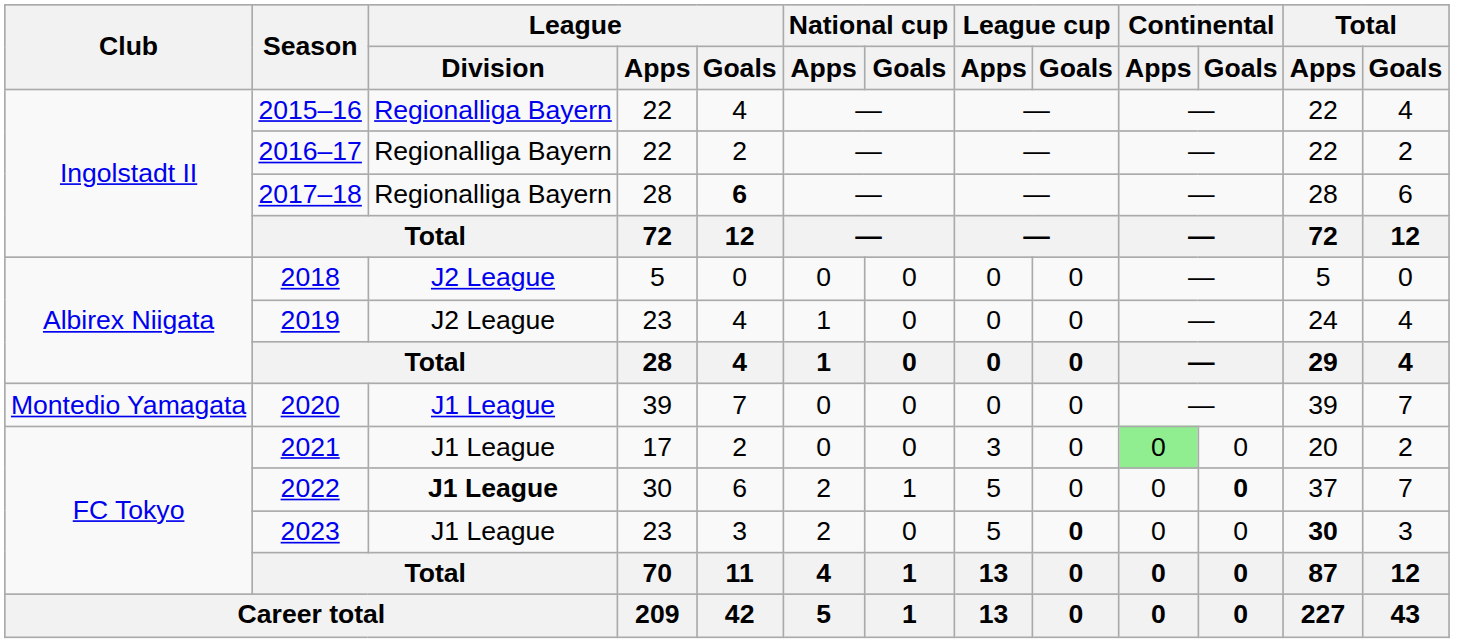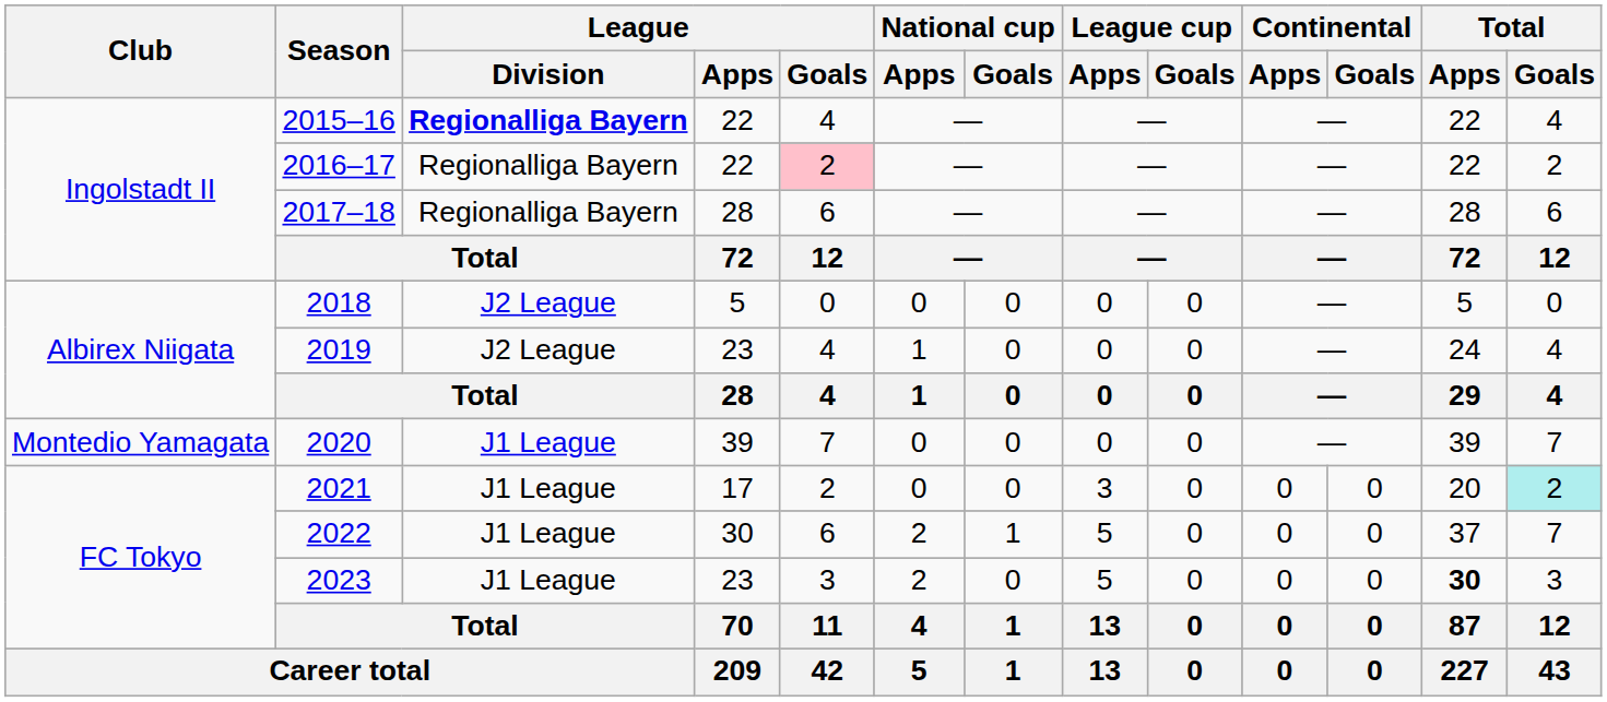 <table class="wikitable" style="text-align:center">
 <tr>
 <th rowspan="2">Club</th>
 <th rowspan="2">Season</th>
 <th colspan="3">League</th>
 <th colspan="2">National cup</th>
 <th colspan="2">League cup</th>
 <th colspan="2">Continental</th>
 <th colspan="2">Total</th>
 </tr>
 <tr>
 <th>Division</th>
 <th>Apps</th>
 <th>Goals</th>
 <th>Apps</th>
 <th>Goals</th>
 <th>Apps</th>
 <th>Goals</th>
 <th>Apps</th>
 <th>Goals</th>
 <th>Apps</th>
 <th>Goals</th>
 </tr>
 <tr>
 <td rowspan="4"><a href='#'>Ingolstadt II</a></td>
 <td><a href='#'>2015–16</a></td>
-<td><a href='#'>Regionalliga Bayern</a></td>
+<td><strong><a href='#'>Regionalliga Bayern</a></strong></td>
 <td>22</td>
 <td>4</td>
 <td colspan="2">—</td>
 <td colspan="2">—</td>
 <td colspan="2">—</td>
 <td>22</td>
 <td>4</td>
 </tr>
 <tr>
 <td><a href='#'>2016–17</a></td>
 <td>Regionalliga Bayern</td>
 <td>22</td>
-<td>2</td>
+<td style="background: pink;">2</td>
 <td colspan="2">—</td>
 <td colspan="2">—</td>
 <td colspan="2">—</td>
 <td>22</td>
 <td>2</td>
 </tr>
 <tr>
 <td><a href='#'>2017–18</a></td>
 <td>Regionalliga Bayern</td>
 <td>28</td>
-<td><strong>6</strong></td>
+<td>6</td>
 <td colspan="2">—</td>
 <td colspan="2">—</td>
 <td colspan="2">—</td>
 <td>28</td>
 <td>6</td>
 </tr>
 <tr>
 <th colspan="2">Total</th>
 <th>72</th>
 <th>12</th>
 <th colspan="2">—</th>
 <th colspan="2">—</th>
 <th colspan="2">—</th>
 <th>72</th>
 <th>12</th>
 </tr>
 <tr>
 <td rowspan="3"><a href='#'>Albirex Niigata</a></td>
 <td><a href='#'>2018</a></td>
 <td><a href='#'>J2 League</a></td>
 <td>5</td>
 <td>0</td>
 <td>0</td>
 <td>0</td>
 <td>0</td>
 <td>0</td>
 <td colspan="2">—</td>
 <td>5</td>
 <td>0</td>
 </tr>
 <tr>
 <td><a href='#'>2019</a></td>
 <td>J2 League</td>
 <td>23</td>
 <td>4</td>
 <td>1</td>
 <td>0</td>
 <td>0</td>
 <td>0</td>
 <td colspan="2">—</td>
 <td>24</td>
 <td>4</td>
 </tr>
 <tr>
 <th colspan="2">Total</th>
 <th>28</th>
 <th>4</th>
 <th>1</th>
 <th>0</th>
 <th>0</th>
 <th>0</th>
 <th colspan="2">—</th>
 <th>29</th>
 <th>4</th>
 </tr>
 <tr>
 <td><a href='#'>Montedio Yamagata</a></td>
 <td><a href='#'>2020</a></td>
 <td><a href='#'>J1 League</a></td>
 <td>39</td>
 <td>7</td>
 <td>0</td>
 <td>0</td>
 <td>0</td>
 <td>0</td>
 <td colspan="2">—</td>
 <td>39</td>
 <td>7</td>
 </tr>
 <tr>
 <td rowspan="4"><a href='#'>FC Tokyo</a></td>
 <td><a href='#'>2021</a></td>
 <td>J1 League</td>
 <td>17</td>
 <td>2</td>
 <td>0</td>
 <td>0</td>
 <td>3</td>
 <td>0</td>
-<td style="background: lightgreen;">0</td>
+<td>0</td>
 <td>0</td>
 <td>20</td>
-<td>2</td>
+<td style="background: paleturquoise;">2</td>
 </tr>
 <tr>
 <td><a href='#'>2022</a></td>
-<td><strong>J1 League</strong></td>
+<td>J1 League</td>
 <td>30</td>
 <td>6</td>
 <td>2</td>
 <td>1</td>
 <td>5</td>
 <td>0</td>
 <td>0</td>
-<td><strong>0</strong></td>
+<td>0</td>
 <td>37</td>
 <td>7</td>
 </tr>
 <tr>
 <td><a href='#'>2023</a></td>
 <td>J1 League</td>
 <td>23</td>
 <td>3</td>
 <td>2</td>
 <td>0</td>
 <td>5</td>
-<td><strong>0</strong></td>
+<td>0</td>
 <td>0</td>
 <td>0</td>
 <td><strong>30</strong></td>
 <td>3</td>
 </tr>
 <tr>
 <th colspan="2">Total</th>
 <th>70</th>
 <th>11</th>
 <th>4</th>
 <th>1</th>
 <th>13</th>
 <th>0</th>
 <th>0</th>
 <th>0</th>
 <th>87</th>
 <th>12</th>
 </tr>
 <tr>
 <th colspan="3">Career total</th>
 <th>209</th>
 <th>42</th>
 <th>5</th>
 <th>1</th>
 <th>13</th>
 <th>0</th>
 <th>0</th>
 <th>0</th>
 <th>227</th>
 <th>43</th>
 </tr>
 </table>
